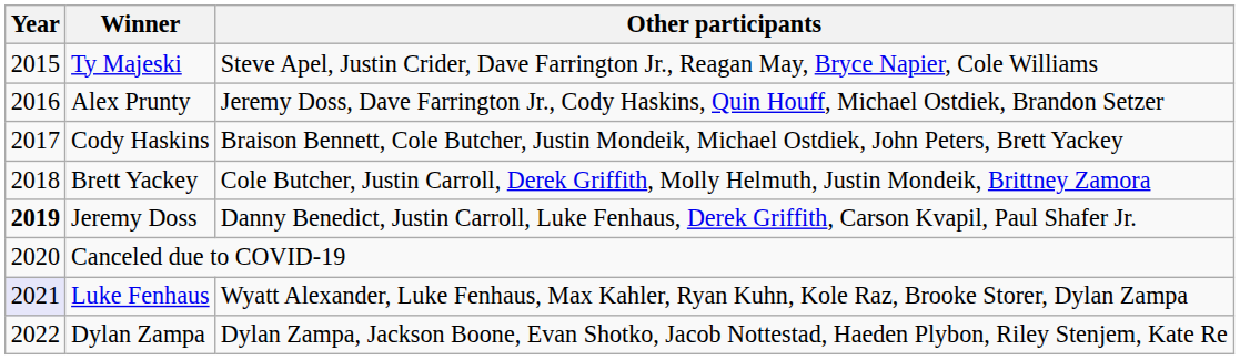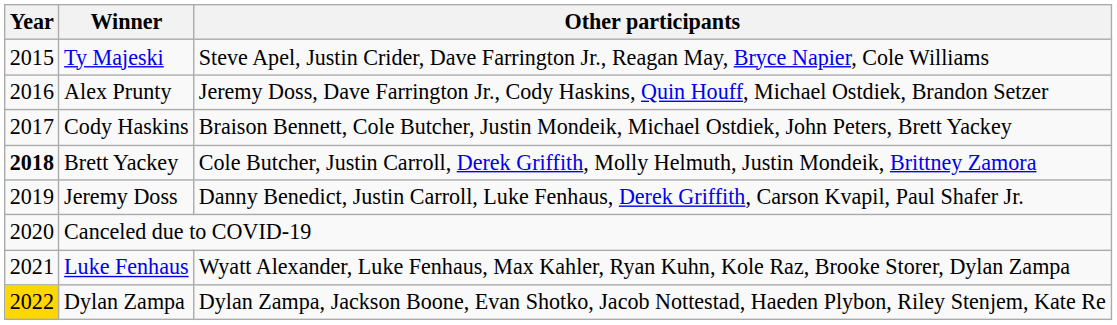 <table class="wikitable">
 <tr>
 <th>Year</th>
 <th>Winner</th>
 <th>Other participants</th>
 </tr>
 <tr>
 <td>2015</td>
 <td><a href='#'>Ty Majeski</a></td>
 <td>Steve Apel, Justin Crider, Dave Farrington Jr., Reagan May, <a href='#'>Bryce Napier</a>, Cole Williams</td>
 </tr>
 <tr>
 <td>2016</td>
 <td>Alex Prunty</td>
 <td>Jeremy Doss, Dave Farrington Jr., Cody Haskins, <a href='#'>Quin Houff</a>, Michael Ostdiek, Brandon Setzer</td>
 </tr>
 <tr>
 <td>2017</td>
 <td>Cody Haskins</td>
 <td>Braison Bennett, Cole Butcher, Justin Mondeik, Michael Ostdiek, John Peters, Brett Yackey</td>
 </tr>
 <tr>
-<td>2018</td>
+<td><strong>2018</strong></td>
 <td>Brett Yackey</td>
 <td>Cole Butcher, Justin Carroll, <a href='#'>Derek Griffith</a>, Molly Helmuth, Justin Mondeik, <a href='#'>Brittney Zamora</a></td>
 </tr>
 <tr>
-<td><strong>2019</strong></td>
+<td>2019</td>
 <td>Jeremy Doss</td>
 <td>Danny Benedict, Justin Carroll, Luke Fenhaus, <a href='#'>Derek Griffith</a>, Carson Kvapil, Paul Shafer Jr.</td>
 </tr>
 <tr>
 <td>2020</td>
 <td colspan="2">Canceled due to COVID-19</td>
 </tr>
 <tr>
-<td style="background: lavender;">2021</td>
+<td>2021</td>
 <td><a href='#'>Luke Fenhaus</a></td>
 <td>Wyatt Alexander, Luke Fenhaus, Max Kahler, Ryan Kuhn, Kole Raz, Brooke Storer, Dylan Zampa</td>
 </tr>
 <tr>
-<td>2022</td>
+<td style="background: gold;">2022</td>
 <td>Dylan Zampa</td>
 <td>Dylan Zampa, Jackson Boone, Evan Shotko, Jacob Nottestad, Haeden Plybon, Riley Stenjem, Kate Re</td>
 </tr>
 </table>
